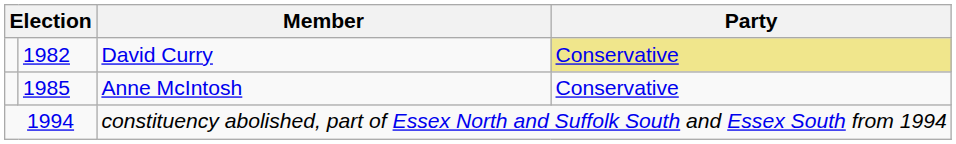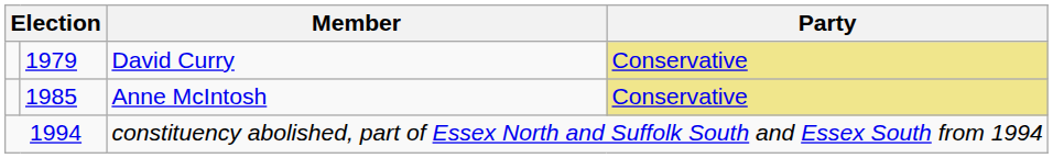 <table class="wikitable">
 <tr>
 <th colspan="2">Election</th>
 <th>Member</th>
 <th>Party</th>
 </tr>
 <tr>
 <td style="background-color: "></td>
-<td><a href='#'>1982</a></td>
+<td><a href='#'>1979</a></td>
 <td><a href='#'>David Curry</a></td>
 <td style="background: khaki;"><a href='#'>Conservative</a></td>
 </tr>
 <tr>
 <td style="background-color: "></td>
 <td><a href='#'>1985</a></td>
 <td><a href='#'>Anne McIntosh</a></td>
-<td><a href='#'>Conservative</a></td>
+<td style="background: khaki;"><a href='#'>Conservative</a></td>
 </tr>
 <tr>
 <td colspan="2" align="center"><a href='#'>1994</a></td>
 <td colspan="2"><em>constituency abolished, part of <a href='#'>Essex North and Suffolk South</a> and <a href='#'>Essex South</a> from 1994</em></td>
 </tr>
 </table>
